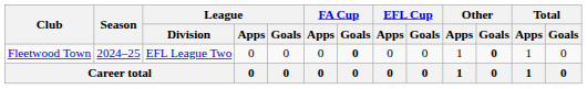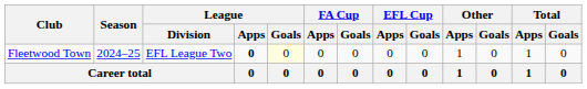 <table class="wikitable" style="text-align:center;">
 <tr>
 <th rowspan="2">Club</th>
 <th rowspan="2">Season</th>
 <th colspan="3">League</th>
 <th colspan="2"><a href='#'>FA Cup</a></th>
 <th colspan="2"><a href='#'>EFL Cup</a></th>
 <th colspan="2">Other</th>
 <th colspan="2">Total</th>
 </tr>
 <tr>
 <th>Division</th>
 <th>Apps</th>
 <th>Goals</th>
 <th>Apps</th>
 <th>Goals</th>
 <th>Apps</th>
 <th>Goals</th>
 <th>Apps</th>
 <th>Goals</th>
 <th>Apps</th>
 <th>Goals</th>
 </tr>
 <tr>
 <td><a href='#'>Fleetwood Town</a></td>
 <td><a href='#'>2024–25</a></td>
 <td><a href='#'>EFL League Two</a></td>
+<td><strong>0</strong></td>
+<td style="background: lightyellow;">0</td>
 <td>0</td>
 <td>0</td>
 <td>0</td>
-<td><strong>0</strong></td>
-<td>0</td>
 <td>0</td>
 <td>1</td>
-<td><strong>0</strong></td>
+<td>0</td>
 <td>1</td>
 <td>0</td>
 </tr>
 <tr>
 <th colspan="3">Career total</th>
 <th>0</th>
 <th>0</th>
 <th>0</th>
 <th>0</th>
 <th>0</th>
 <th>0</th>
 <th>1</th>
 <th>0</th>
 <th>1</th>
 <th>0</th>
 </tr>
 </table>
